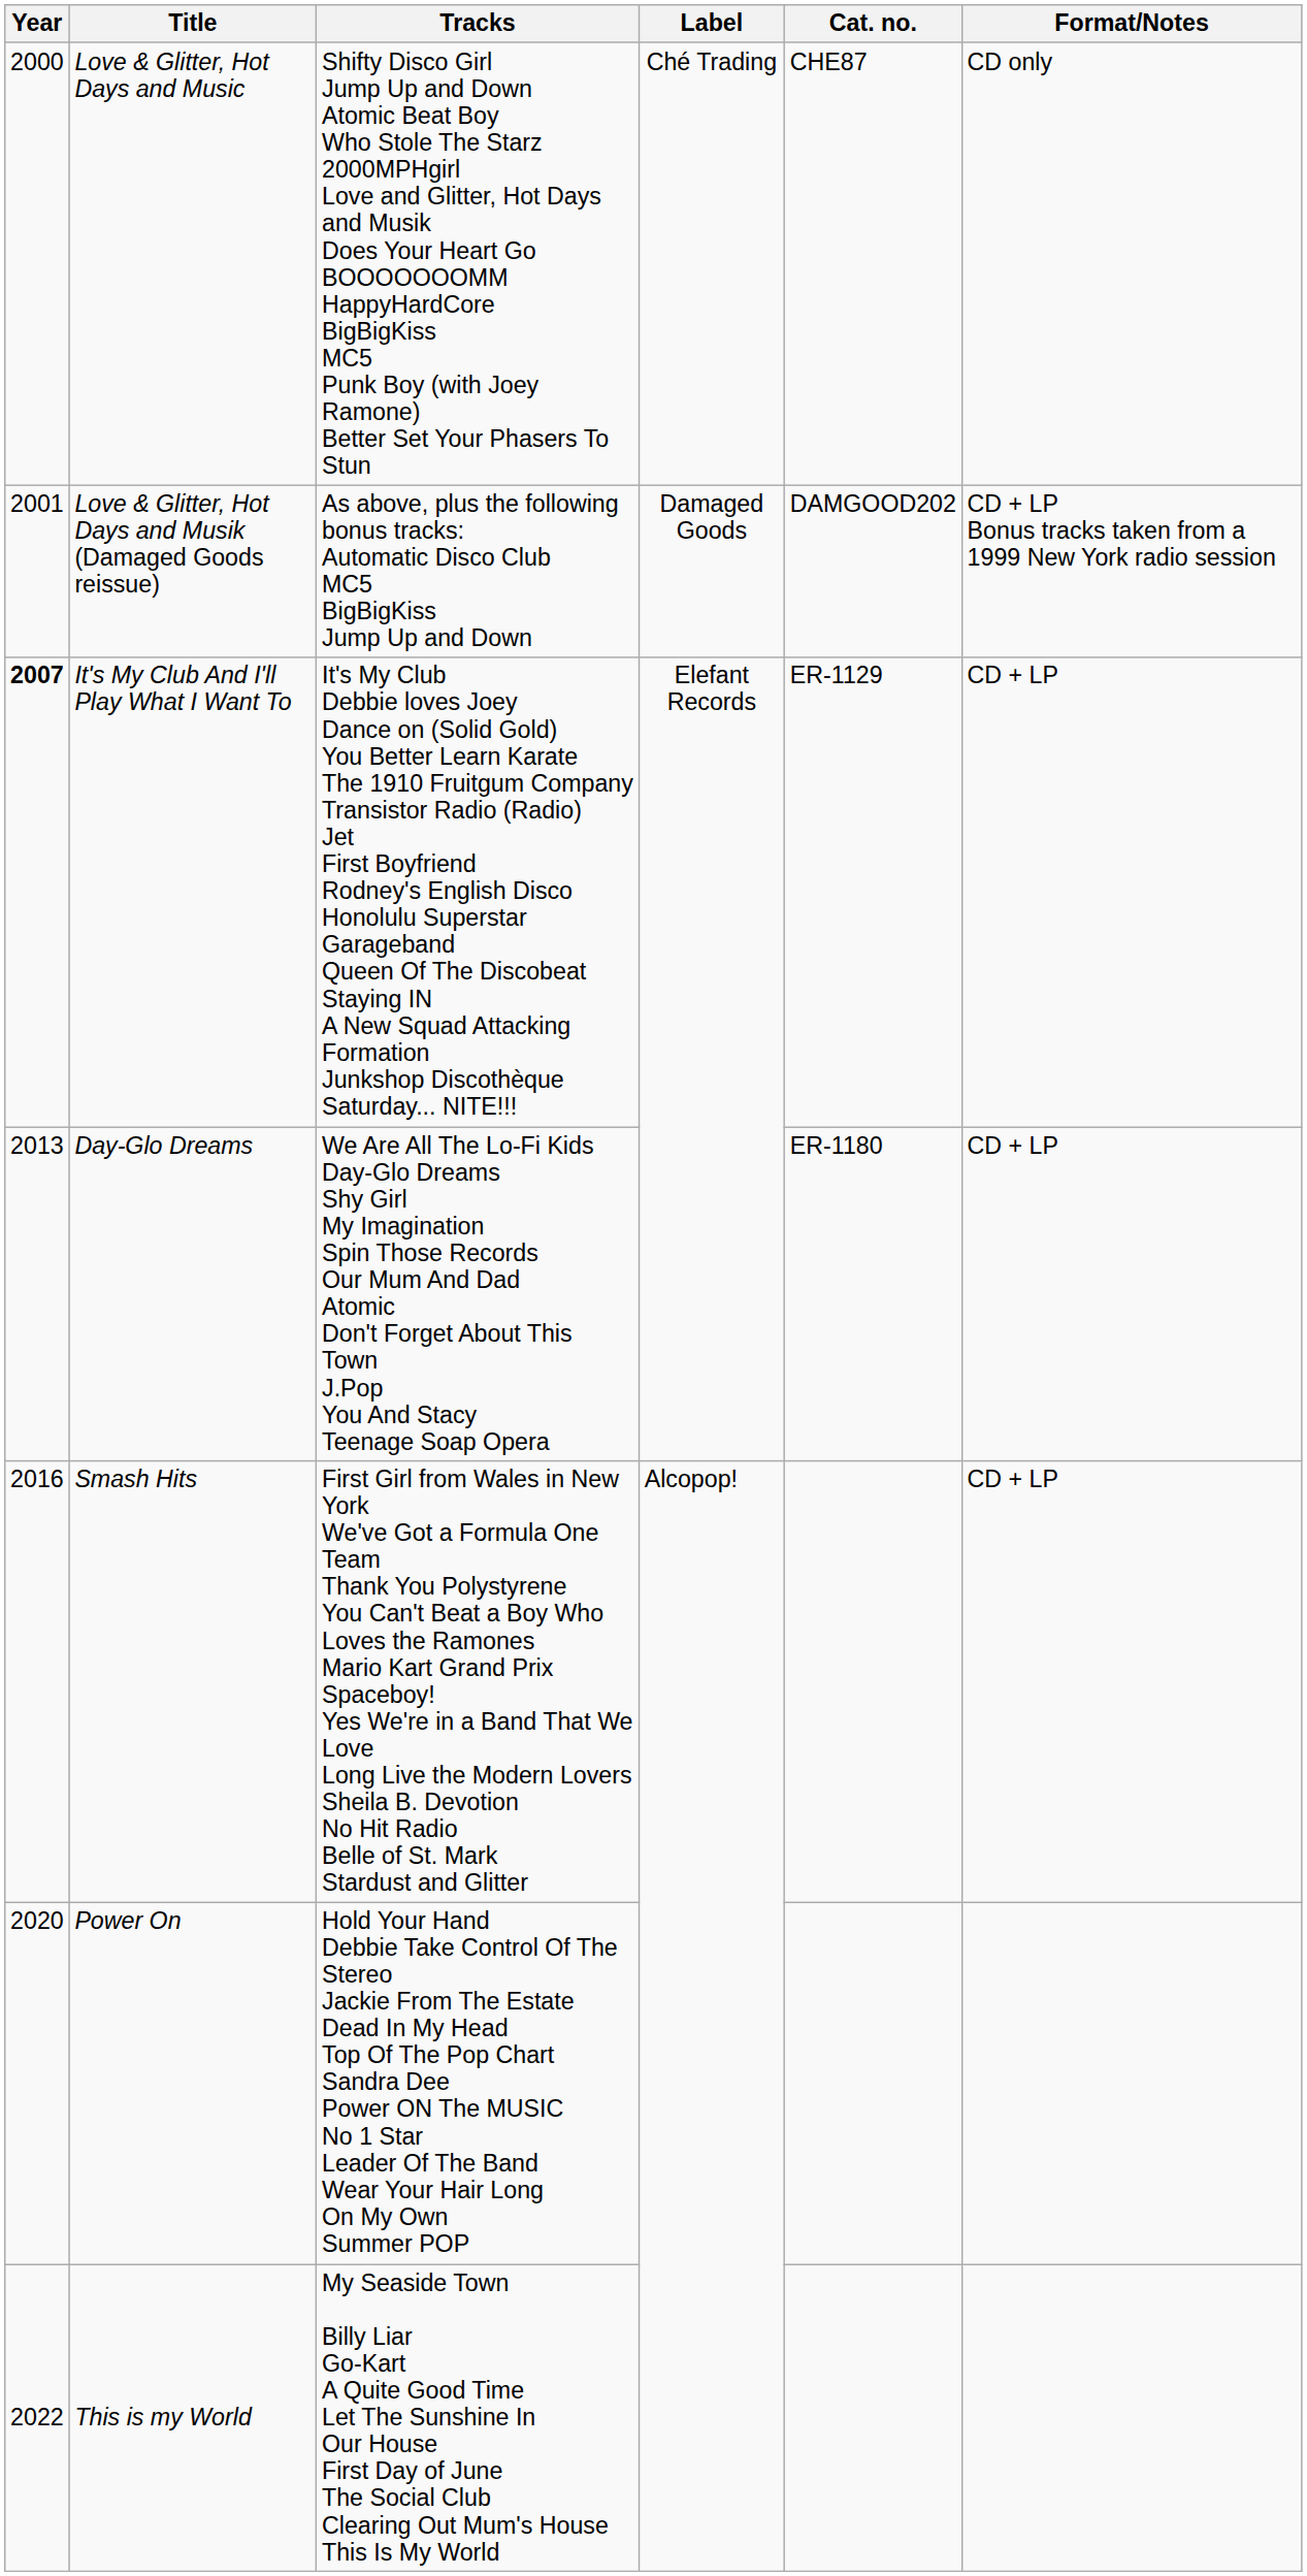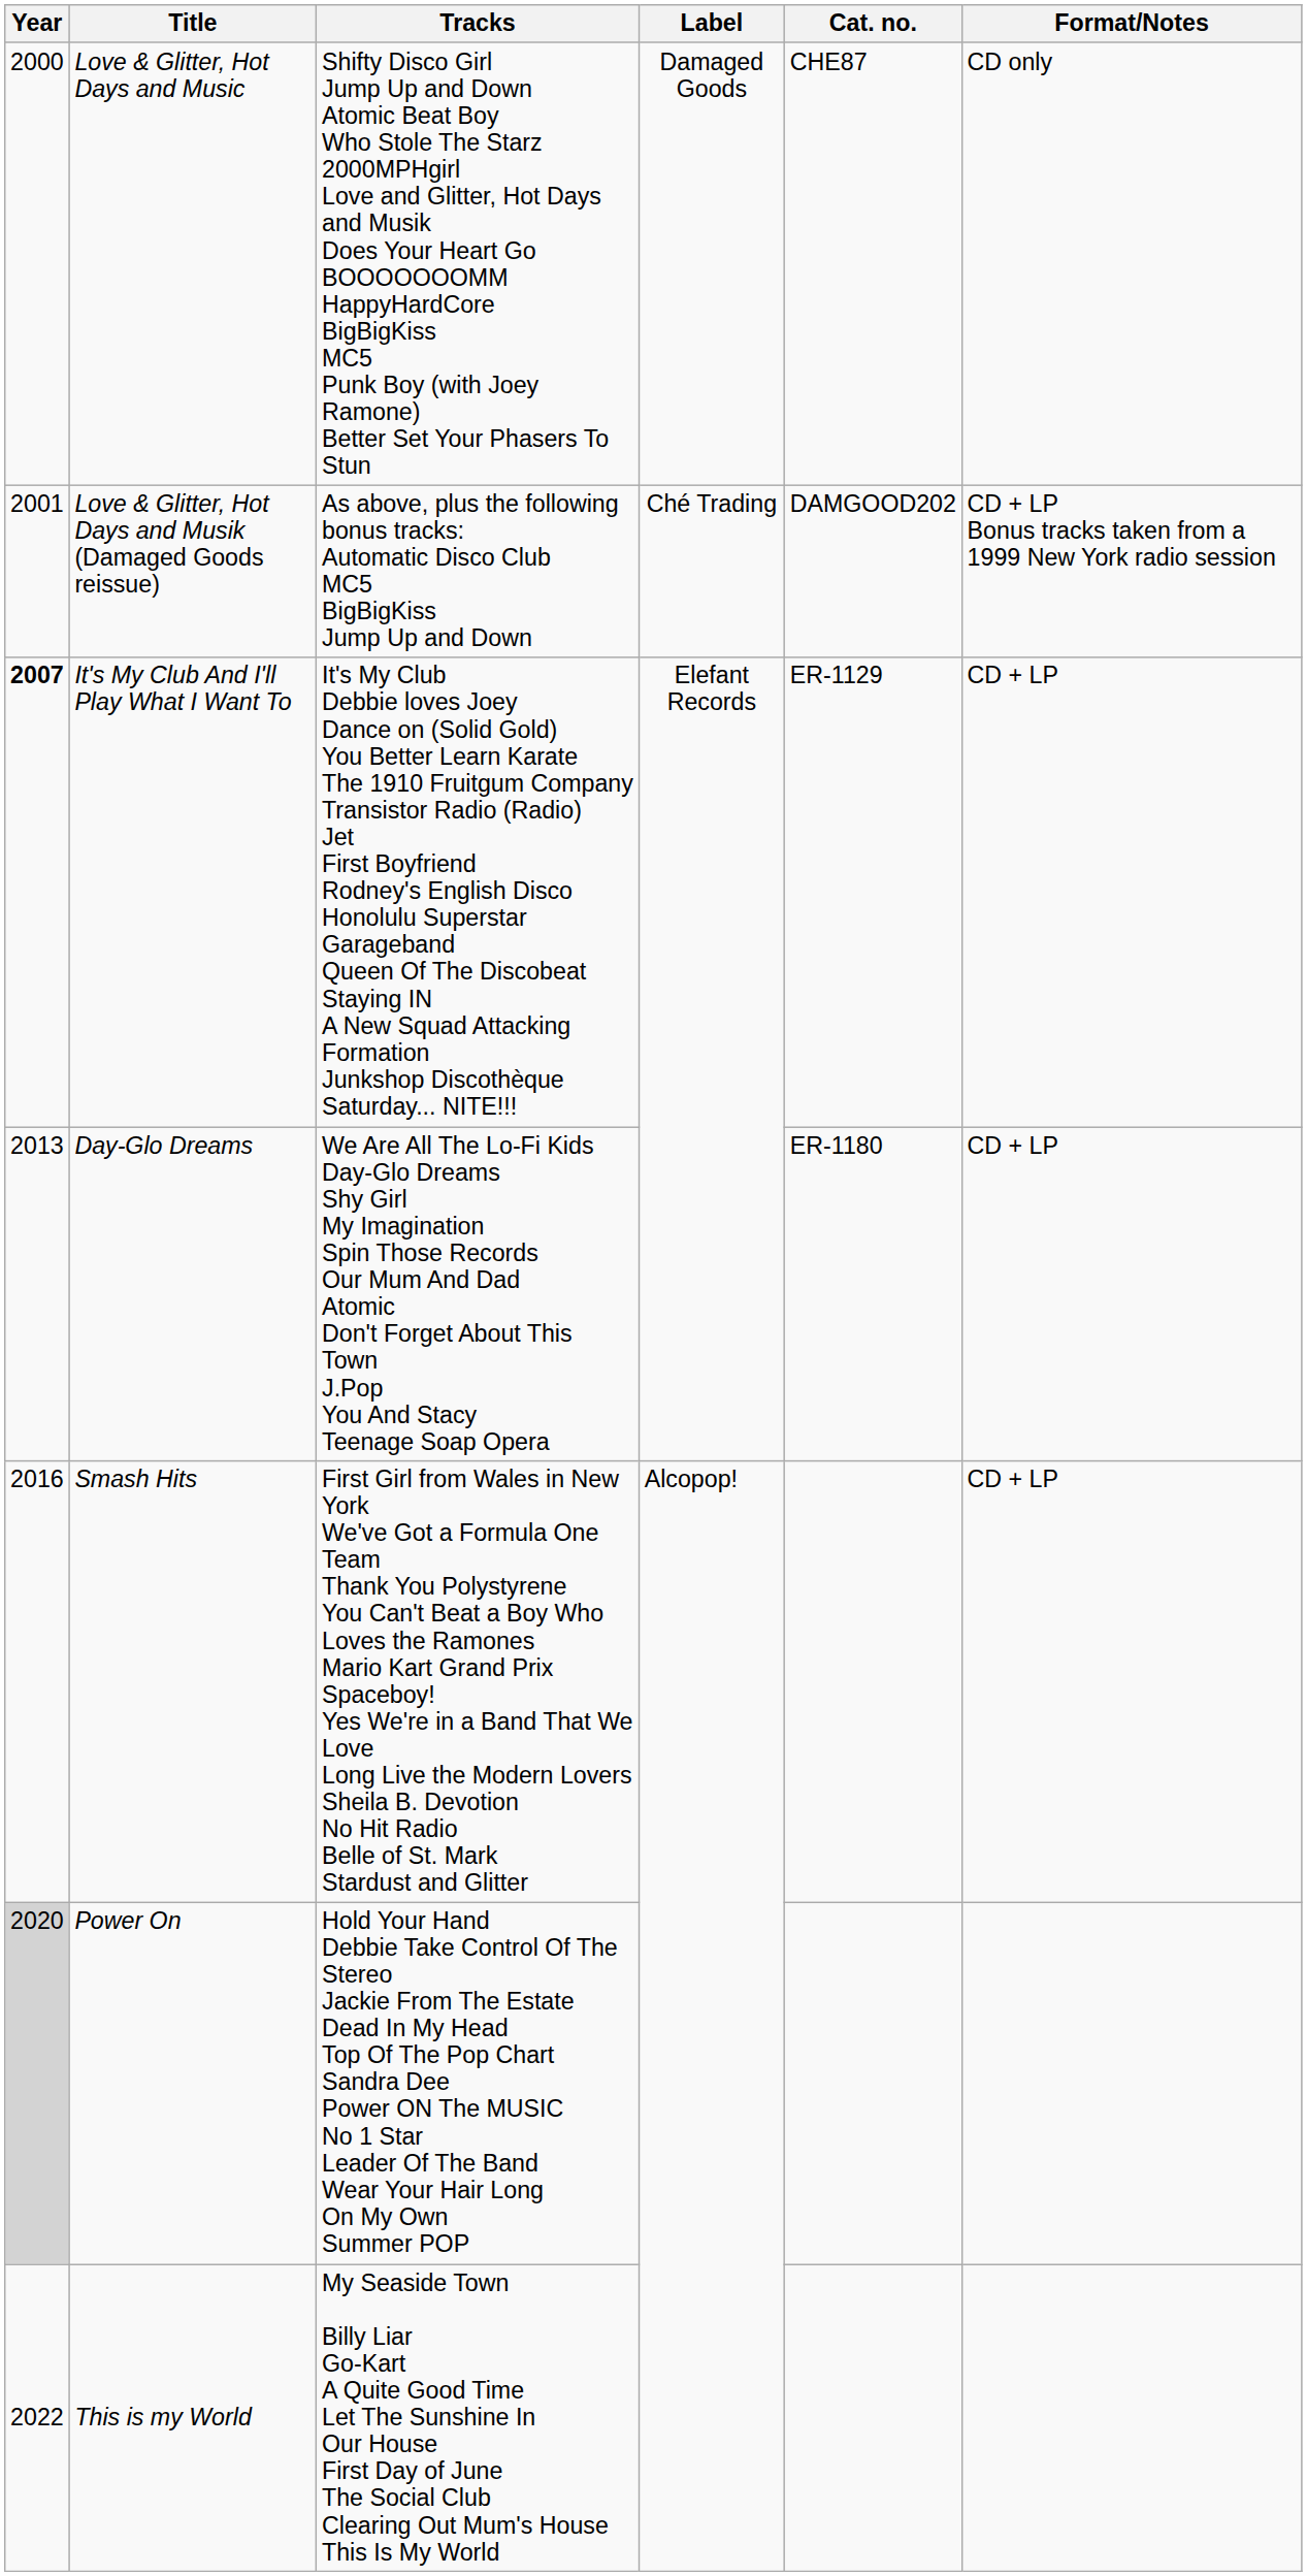 <table class="wikitable">
 <tr>
 <th>Year</th>
 <th>Title</th>
 <th>Tracks</th>
 <th>Label</th>
 <th>Cat. no.</th>
 <th>Format/Notes</th>
 </tr>
 <tr>
 <td valign="top">2000</td>
 <td valign="top"><em>Love & Glitter, Hot Days and Music</em></td>
 <td>Shifty Disco Girl <br> Jump Up and Down <br> Atomic Beat Boy <br> Who Stole The Starz <br> 2000MPHgirl<br> Love and Glitter, Hot Days and Musik <br> Does Your Heart Go BOOOOOOOMM <br> HappyHardCore <br> BigBigKiss <br> MC5 <br> Punk Boy (with Joey Ramone) <br> Better Set Your Phasers To Stun</td>
-<td valign="top" align="center">Ché Trading</td>
+<td align="center" valign="top">Damaged Goods</td>
 <td valign="top">CHE87</td>
 <td valign="top">CD only</td>
 </tr>
 <tr>
 <td valign="top">2001</td>
 <td valign="top"><em>Love & Glitter, Hot Days and Musik</em><br>(Damaged Goods reissue)</td>
 <td>As above, plus the following bonus tracks:<br> Automatic Disco Club <br> MC5 <br> BigBigKiss <br> Jump Up and Down</td>
-<td align="center" valign="top">Damaged Goods</td>
+<td valign="top" align="center">Ché Trading</td>
 <td valign="top">DAMGOOD202</td>
 <td valign="top">CD + LP<br> Bonus tracks taken from a 1999 New York radio session</td>
 </tr>
 <tr>
 <td valign="top"><strong>2007</strong></td>
 <td valign="top"><em>It's My Club And I'll Play What I Want To</em></td>
 <td>It's My Club<br>Debbie loves Joey <br>Dance on (Solid Gold) <br>You Better Learn Karate <br>The 1910 Fruitgum Company <br>Transistor Radio (Radio) <br>Jet <br>First Boyfriend <br>Rodney's English Disco <br>Honolulu Superstar <br>Garageband <br>Queen Of The Discobeat <br>Staying IN <br>A New Squad Attacking Formation<br> Junkshop Discothèque<br> Saturday... NITE!!!</td>
 <td align="center" valign="top" rowspan="2">Elefant Records</td>
 <td valign="top">ER-1129</td>
 <td valign="top">CD + LP</td>
 </tr>
 <tr>
 <td valign="top">2013</td>
 <td valign="top"><em>Day-Glo Dreams</em></td>
 <td>We Are All The Lo-Fi Kids<br>Day-Glo Dreams<br>Shy Girl<br>My Imagination<br>Spin Those Records<br>Our Mum And Dad<br>Atomic<br>Don't Forget About This Town<br>J.Pop<br>You And Stacy<br>Teenage Soap Opera<br></td>
 <td valign="top">ER-1180</td>
 <td valign="top">CD + LP</td>
 </tr>
 <tr>
 <td valign="top">2016</td>
 <td valign="top"><em>Smash Hits</em></td>
 <td>First Girl from Wales in New York<br>We've Got a Formula One Team<br>Thank You Polystyrene<br>You Can't Beat a Boy Who Loves the Ramones<br>Mario Kart Grand Prix<br>Spaceboy!<br>Yes We're in a Band That We Love<br>Long Live the Modern Lovers<br>Sheila B. Devotion<br>No Hit Radio<br>Belle of St. Mark<br>Stardust and Glitter</td>
 <td rowspan="3" valign="top">Alcopop!</td>
 <td></td>
 <td valign="top">CD + LP</td>
 </tr>
 <tr>
-<td valign="top">2020</td>
+<td valign="top" style="background: lightgrey;">2020</td>
 <td valign="top"><em>Power On</em></td>
 <td>Hold Your Hand<br>Debbie Take Control Of The Stereo<br>Jackie From The Estate<br>Dead In My Head<br>Top Of The Pop Chart<br>Sandra Dee<br>Power ON The MUSIC<br>No 1 Star<br>Leader Of The Band<br>Wear Your Hair Long<br>On My Own<br>Summer POP<br></td>
 <td valign="top"></td>
 </tr>
 <tr>
 <td>2022</td>
 <td><em>This is my World</em></td>
 <td>My Seaside Town<br><br>Billy Liar<br> Go-Kart<br> A Quite Good Time<br> Let The Sunshine In<br> Our House<br> First Day of June<br> The Social Club<br> Clearing Out Mum's House<br> This Is My World<br></td>
 <td></td>
 <td></td>
 </tr>
 </table>
